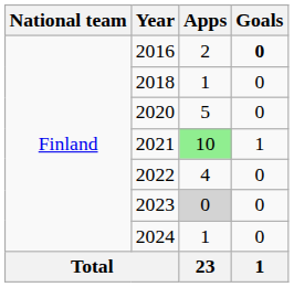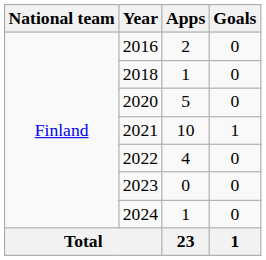 <table class="wikitable" style="text-align:center">
 <tr>
 <th>National team</th>
 <th>Year</th>
 <th>Apps</th>
 <th>Goals</th>
 </tr>
 <tr>
 <td rowspan="7"><a href='#'>Finland</a></td>
 <td>2016</td>
 <td>2</td>
-<td><strong>0</strong></td>
+<td>0</td>
 </tr>
 <tr>
 <td>2018</td>
 <td>1</td>
 <td>0</td>
 </tr>
 <tr>
 <td>2020</td>
 <td>5</td>
 <td>0</td>
 </tr>
 <tr>
 <td>2021</td>
-<td style="background: lightgreen;">10</td>
+<td>10</td>
 <td>1</td>
 </tr>
 <tr>
 <td>2022</td>
 <td>4</td>
 <td>0</td>
 </tr>
 <tr>
 <td>2023</td>
-<td style="background: lightgrey;">0</td>
+<td>0</td>
 <td>0</td>
 </tr>
 <tr>
 <td>2024</td>
 <td>1</td>
 <td>0</td>
 </tr>
 <tr>
 <th colspan="2">Total</th>
 <th>23</th>
 <th>1</th>
 </tr>
 </table>
